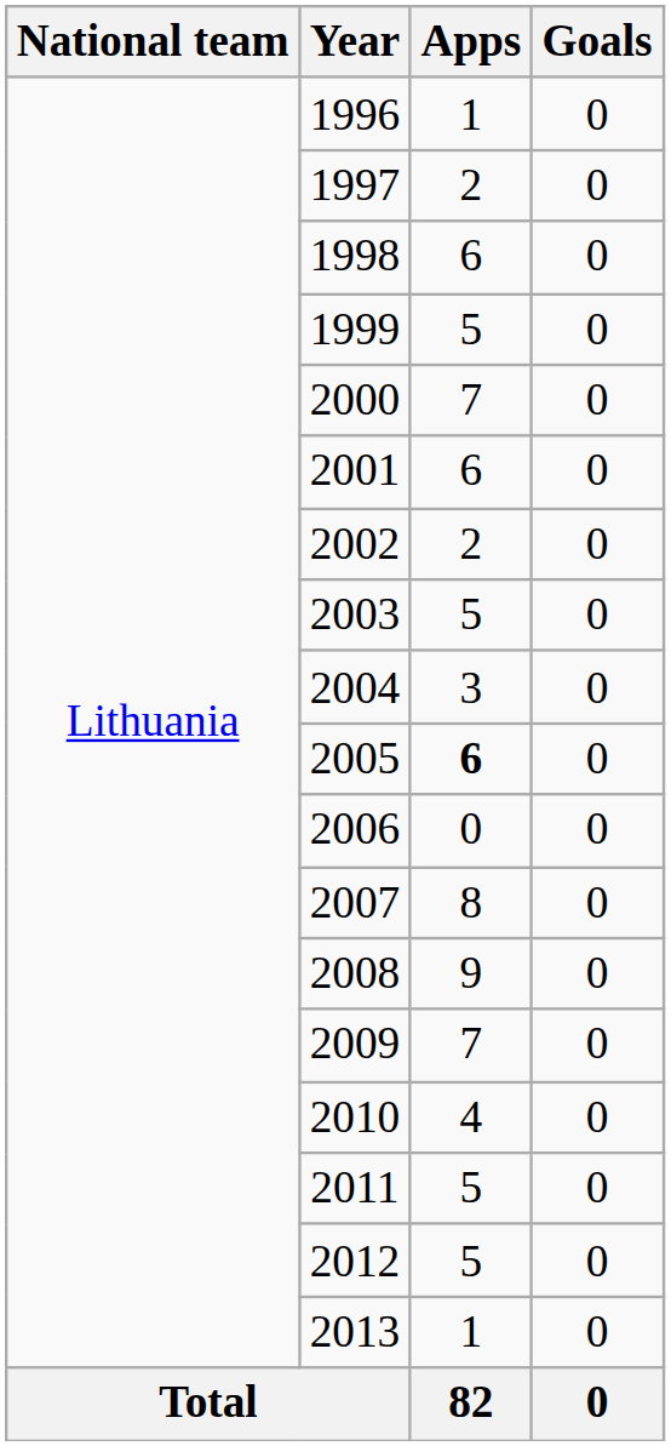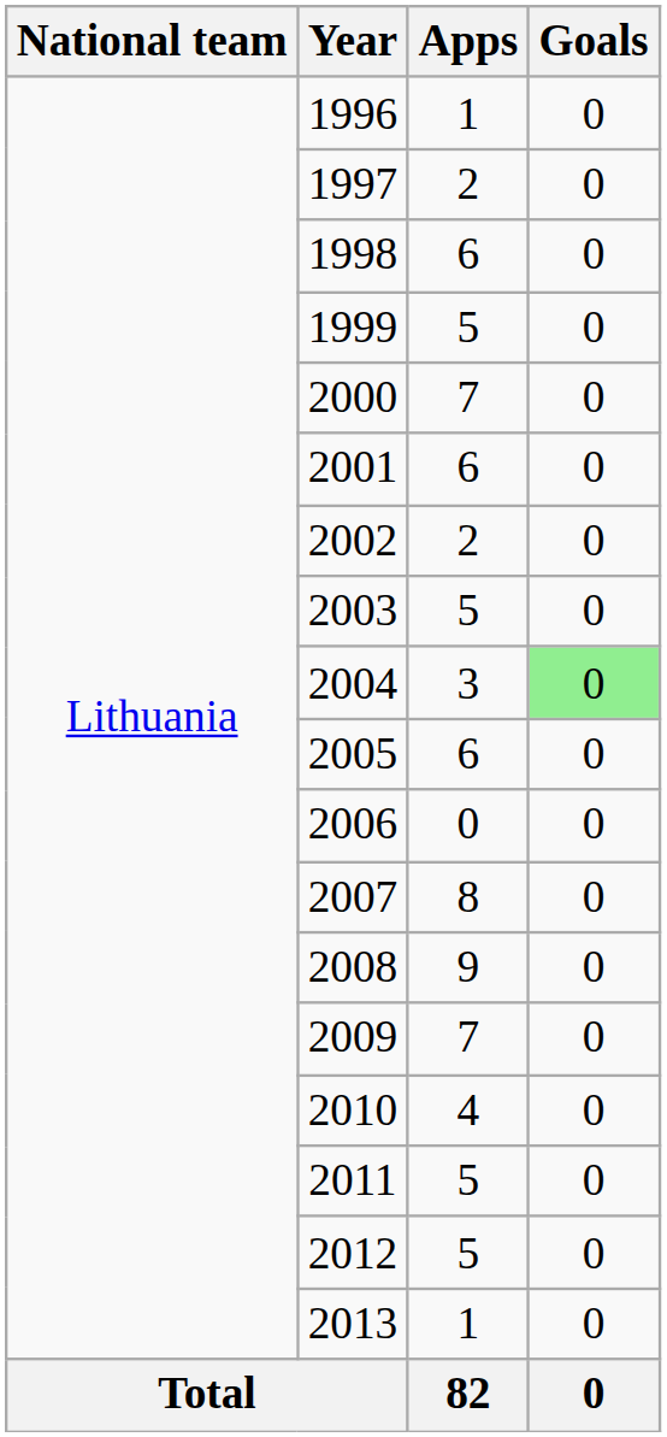 <table class="wikitable" style="text-align:center">
 <tr>
 <th>National team</th>
 <th>Year</th>
 <th>Apps</th>
 <th>Goals</th>
 </tr>
 <tr>
 <td rowspan="18"><a href='#'>Lithuania</a></td>
 <td>1996</td>
 <td>1</td>
 <td>0</td>
 </tr>
 <tr>
 <td>1997</td>
 <td>2</td>
 <td>0</td>
 </tr>
 <tr>
 <td>1998</td>
 <td>6</td>
 <td>0</td>
 </tr>
 <tr>
 <td>1999</td>
 <td>5</td>
 <td>0</td>
 </tr>
 <tr>
 <td>2000</td>
 <td>7</td>
 <td>0</td>
 </tr>
 <tr>
 <td>2001</td>
 <td>6</td>
 <td>0</td>
 </tr>
 <tr>
 <td>2002</td>
 <td>2</td>
 <td>0</td>
 </tr>
 <tr>
 <td>2003</td>
 <td>5</td>
 <td>0</td>
 </tr>
 <tr>
 <td>2004</td>
 <td>3</td>
-<td>0</td>
+<td style="background: lightgreen;">0</td>
 </tr>
 <tr>
 <td>2005</td>
-<td><strong>6</strong></td>
+<td>6</td>
 <td>0</td>
 </tr>
 <tr>
 <td>2006</td>
 <td>0</td>
 <td>0</td>
 </tr>
 <tr>
 <td>2007</td>
 <td>8</td>
 <td>0</td>
 </tr>
 <tr>
 <td>2008</td>
 <td>9</td>
 <td>0</td>
 </tr>
 <tr>
 <td>2009</td>
 <td>7</td>
 <td>0</td>
 </tr>
 <tr>
 <td>2010</td>
 <td>4</td>
 <td>0</td>
 </tr>
 <tr>
 <td>2011</td>
 <td>5</td>
 <td>0</td>
 </tr>
 <tr>
 <td>2012</td>
 <td>5</td>
 <td>0</td>
 </tr>
 <tr>
 <td>2013</td>
 <td>1</td>
 <td>0</td>
 </tr>
 <tr>
 <th colspan="2">Total</th>
 <th>82</th>
 <th>0</th>
 </tr>
 </table>
